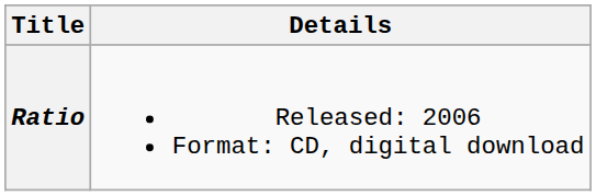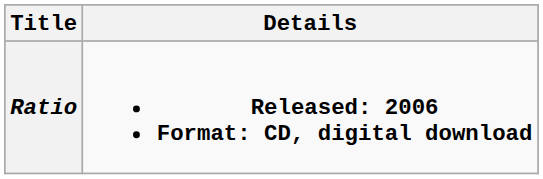 <table class="wikitable plainrowheaders" style="text-align:center;" border="1">
 <tr>
 <th>Title</th>
 <th>Details</th>
 </tr>
 <tr>
 <th scope="row"><em>Ratio</em></th>
-<td><br><ul><li>Released: 2006</li><li>Format: CD, digital download</li></ul></td>
+<td><strong><br><ul><li>Released: 2006</li><li>Format: CD, digital download</li></ul></strong></td>
 </tr>
 </table>
